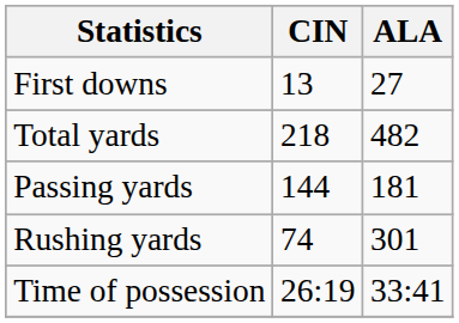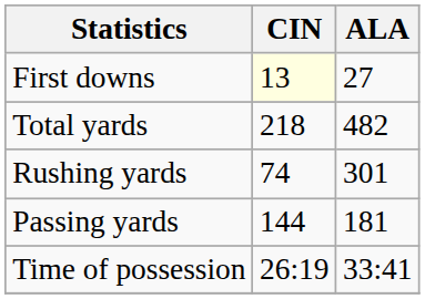 <table class="wikitable">
 <tr>
 <th>Statistics</th>
 <th>CIN</th>
 <th>ALA</th>
 </tr>
 <tr>
 <td>First downs</td>
-<td>13</td>
+<td style="background: lightyellow;">13</td>
 <td>27</td>
 </tr>
 <tr>
 <td>Total yards</td>
 <td>218</td>
 <td>482</td>
 </tr>
 <tr>
+<td>Rushing yards</td>
+<td>74</td>
+<td>301</td>
+</tr>
+<tr>
 <td>Passing yards</td>
 <td>144</td>
 <td>181</td>
-</tr>
-<tr>
-<td>Rushing yards</td>
-<td>74</td>
-<td>301</td>
 </tr>
 <tr>
 <td>Time of possession</td>
 <td>26:19</td>
 <td>33:41</td>
 </tr>
 <tr>
 </tr>
 </table>
